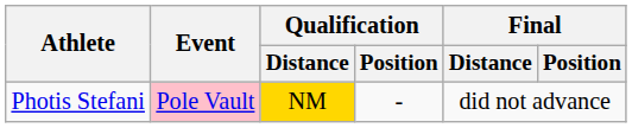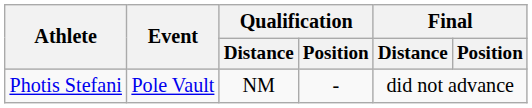 <table class=wikitable style="font-size:90%">
 <tr>
 <th rowspan="2">Athlete</th>
 <th rowspan="2">Event</th>
 <th colspan="2">Qualification</th>
 <th colspan="2">Final</th>
 </tr>
 <tr style="font-size:95%">
 <th>Distance</th>
 <th>Position</th>
 <th>Distance</th>
 <th>Position</th>
 </tr>
 <tr align=center>
 <td><a href='#'>Photis Stefani</a></td>
-<td style="background: pink;"><a href='#'>Pole Vault</a></td>
-<td style="background: gold;">NM</td>
+<td><a href='#'>Pole Vault</a></td>
+<td>NM</td>
 <td>-</td>
 <td colspan=2>did not advance</td>
 </tr>
 </table>
